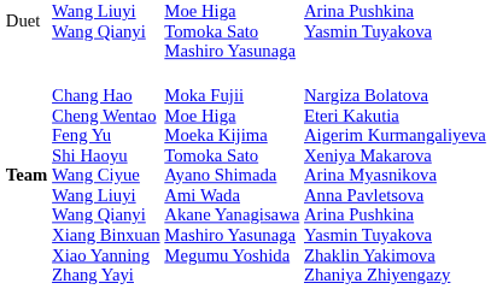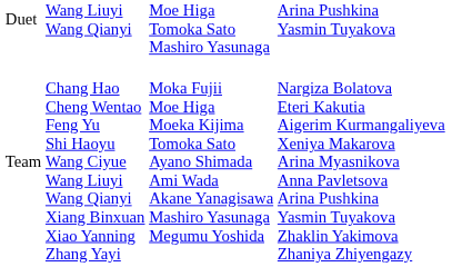 <table>
 <tr>
 <td>Duet<br></td>
 <td valign=top><br><a href='#'>Wang Liuyi</a><br><a href='#'>Wang Qianyi</a></td>
 <td><br><a href='#'>Moe Higa</a><br><a href='#'>Tomoka Sato</a><br><a href='#'>Mashiro Yasunaga</a></td>
 <td valign=top><br><a href='#'>Arina Pushkina</a><br><a href='#'>Yasmin Tuyakova</a></td>
 </tr>
 <tr>
-<td><strong>Team<br></strong></td>
+<td>Team<br></td>
 <td><br><a href='#'>Chang Hao</a><br><a href='#'>Cheng Wentao</a><br><a href='#'>Feng Yu</a><br><a href='#'>Shi Haoyu</a><br><a href='#'>Wang Ciyue</a><br><a href='#'>Wang Liuyi</a><br><a href='#'>Wang Qianyi</a><br><a href='#'>Xiang Binxuan</a><br><a href='#'>Xiao Yanning</a><br><a href='#'>Zhang Yayi</a></td>
 <td valign=top><br><a href='#'>Moka Fujii</a><br><a href='#'>Moe Higa</a><br><a href='#'>Moeka Kijima</a><br><a href='#'>Tomoka Sato</a><br><a href='#'>Ayano Shimada</a> <br><a href='#'>Ami Wada</a><br><a href='#'>Akane Yanagisawa</a><br><a href='#'>Mashiro Yasunaga</a><br><a href='#'>Megumu Yoshida</a></td>
 <td><br><a href='#'>Nargiza Bolatova</a><br><a href='#'>Eteri Kakutia</a><br><a href='#'>Aigerim Kurmangaliyeva</a><br><a href='#'>Xeniya Makarova</a><br><a href='#'>Arina Myasnikova</a><br><a href='#'>Anna Pavletsova</a><br><a href='#'>Arina Pushkina</a><br><a href='#'>Yasmin Tuyakova</a><br><a href='#'>Zhaklin Yakimova</a><br><a href='#'>Zhaniya Zhiyengazy</a></td>
 </tr>
 </table>
